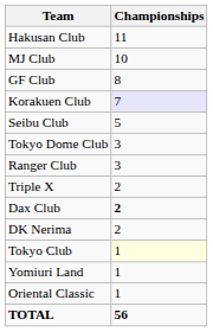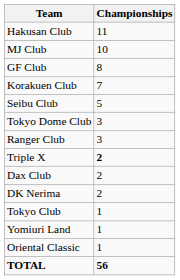 <table class="wikitable">
 <tr>
 <th>Team</th>
 <th>Championships</th>
 </tr>
 <tr>
 <td>Hakusan Club</td>
 <td>11</td>
 </tr>
 <tr>
 <td>MJ Club</td>
 <td>10</td>
 </tr>
 <tr>
 <td>GF Club</td>
 <td>8</td>
 </tr>
 <tr>
 <td>Korakuen Club</td>
-<td style="background: lavender;">7</td>
+<td>7</td>
 </tr>
 <tr>
 <td>Seibu Club</td>
 <td>5</td>
 </tr>
 <tr>
 <td>Tokyo Dome Club</td>
 <td>3</td>
 </tr>
 <tr>
 <td>Ranger Club</td>
 <td>3</td>
 </tr>
 <tr>
 <td>Triple X</td>
-<td>2</td>
+<td><strong>2</strong></td>
 </tr>
 <tr>
 <td>Dax Club</td>
-<td><strong>2</strong></td>
+<td>2</td>
 </tr>
 <tr>
 <td>DK Nerima</td>
 <td>2</td>
 </tr>
 <tr>
 <td>Tokyo Club</td>
-<td style="background: lightyellow;">1</td>
+<td>1</td>
 </tr>
 <tr>
 <td>Yomiuri Land</td>
 <td>1</td>
 </tr>
 <tr>
 <td>Oriental Classic</td>
 <td>1</td>
 </tr>
 <tr>
 <td><strong>TOTAL</strong></td>
 <td><strong>56</strong></td>
 </tr>
 </table>
